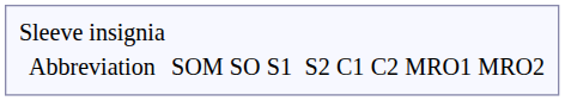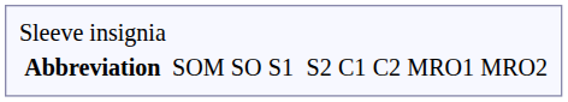 <table style="border:1px solid #8888aa; background-color:#f7f8ff; padding:5px; font-size:95%; margin: 0px 12px 12px 0px;">
 <tr style="text-align:center;">
 <td>Sleeve insignia</td>
 <td colspan=6></td>
 <td colspan=2></td>
 <td colspan=2></td>
 <td colspan=6 rowspan=2></td>
 </tr>
 <tr style="text-align:center;">
-<td>Abbreviation</td>
+<td><strong>Abbreviation</strong></td>
 <td colspan=6>SOM</td>
 <td colspan=2>SO</td>
 <td colspan=2>S1</td>
 <td colspan=6>S2</td>
 <td colspan=4>C1</td>
 <td colspan=2>C2</td>
 <td colspan=6>MRO1</td>
 <td colspan=2>MRO2</td>
 </tr>
 </table>
